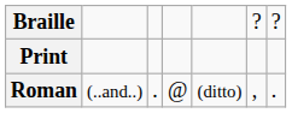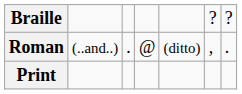 <table class="wikitable">
 <tr>
 <th>Braille</th>
 <td></td>
 <td></td>
 <td></td>
 <td></td>
 <td>?</td>
 <td>?</td>
 </tr>
 <tr>
+<th>Roman</th>
+<td><small>(..and..)</small></td>
+<td>.</td>
+<td>@</td>
+<td><small>(ditto)</small></td>
+<td>,</td>
+<td>.</td>
+</tr>
+<tr>
 <th>Print</th>
 <td><big></big></td>
 <td><big></big></td>
 <td><big></big></td>
 <td><big></big></td>
 <td><big></big></td>
 <td><big></big></td>
 </tr>
-<tr>
-<th>Roman</th>
-<td><small>(..and..)</small></td>
-<td>.</td>
-<td>@</td>
-<td><small>(ditto)</small></td>
-<td>,</td>
-<td>.</td>
-</tr>
 </table>
